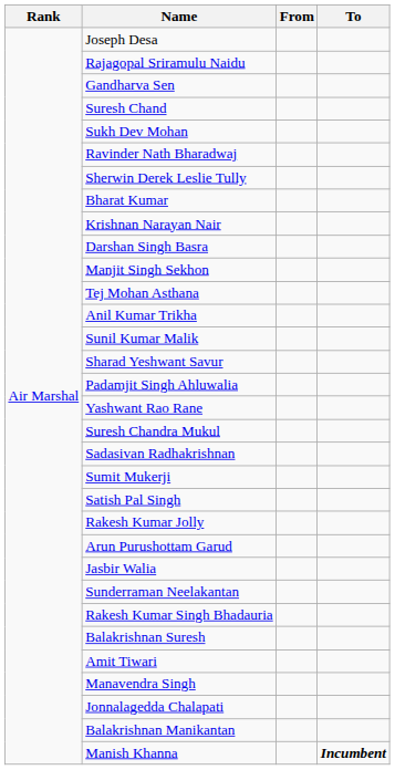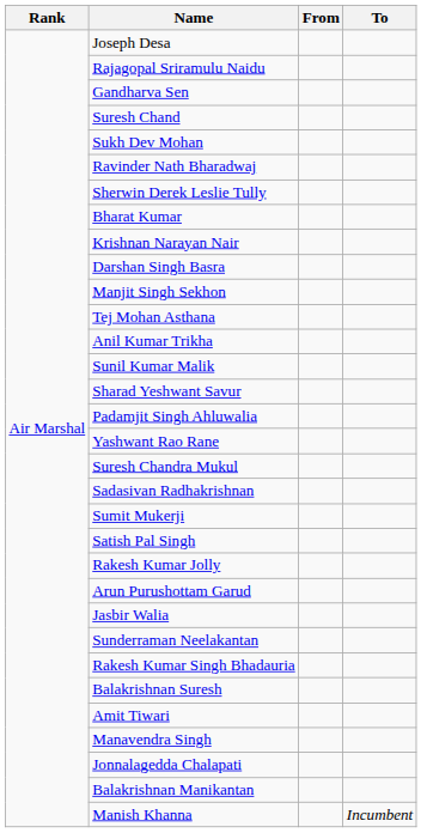 <table class="wikitable sortable">
 <tr>
 <th>Rank</th>
 <th>Name</th>
 <th>From</th>
 <th>To</th>
 </tr>
 <tr>
 <td rowspan="32"><a href='#'>Air Marshal</a></td>
 <td>Joseph Desa</td>
 <td></td>
 <td></td>
 </tr>
 <tr>
 <td><a href='#'>Rajagopal Sriramulu Naidu</a></td>
 <td></td>
 <td></td>
 </tr>
 <tr>
 <td><a href='#'>Gandharva Sen</a></td>
 <td></td>
 <td></td>
 </tr>
 <tr>
 <td><a href='#'>Suresh Chand</a></td>
 <td></td>
 <td></td>
 </tr>
 <tr>
 <td><a href='#'>Sukh Dev Mohan</a></td>
 <td></td>
 <td></td>
 </tr>
 <tr>
 <td><a href='#'>Ravinder Nath Bharadwaj</a></td>
 <td></td>
 <td></td>
 </tr>
 <tr>
 <td><a href='#'>Sherwin Derek Leslie Tully</a></td>
 <td></td>
 <td></td>
 </tr>
 <tr>
 <td><a href='#'>Bharat Kumar</a></td>
 <td></td>
 <td></td>
 </tr>
 <tr>
 <td><a href='#'>Krishnan Narayan Nair</a></td>
 <td></td>
 <td></td>
 </tr>
 <tr>
 <td><a href='#'>Darshan Singh Basra</a></td>
 <td></td>
 <td></td>
 </tr>
 <tr>
 <td><a href='#'>Manjit Singh Sekhon</a></td>
 <td></td>
 <td></td>
 </tr>
 <tr>
 <td><a href='#'>Tej Mohan Asthana</a></td>
 <td></td>
 <td></td>
 </tr>
 <tr>
 <td><a href='#'>Anil Kumar Trikha</a></td>
 <td></td>
 <td></td>
 </tr>
 <tr>
 <td><a href='#'>Sunil Kumar Malik</a></td>
 <td></td>
 <td></td>
 </tr>
 <tr>
 <td><a href='#'>Sharad Yeshwant Savur</a></td>
 <td></td>
 <td></td>
 </tr>
 <tr>
 <td><a href='#'>Padamjit Singh Ahluwalia</a></td>
 <td></td>
 <td></td>
 </tr>
 <tr>
 <td><a href='#'>Yashwant Rao Rane</a></td>
 <td></td>
 <td></td>
 </tr>
 <tr>
 <td><a href='#'>Suresh Chandra Mukul</a></td>
 <td></td>
 <td></td>
 </tr>
 <tr>
 <td><a href='#'>Sadasivan Radhakrishnan</a></td>
 <td></td>
 <td></td>
 </tr>
 <tr>
 <td><a href='#'>Sumit Mukerji</a></td>
 <td></td>
 <td></td>
 </tr>
 <tr>
 <td><a href='#'>Satish Pal Singh</a></td>
 <td></td>
 <td></td>
 </tr>
 <tr>
 <td><a href='#'>Rakesh Kumar Jolly</a></td>
 <td></td>
 <td></td>
 </tr>
 <tr>
 <td><a href='#'>Arun Purushottam Garud</a></td>
 <td></td>
 <td></td>
 </tr>
 <tr>
 <td><a href='#'>Jasbir Walia</a></td>
 <td></td>
 <td></td>
 </tr>
 <tr>
 <td><a href='#'>Sunderraman Neelakantan</a></td>
 <td></td>
 <td></td>
 </tr>
 <tr>
 <td><a href='#'>Rakesh Kumar Singh Bhadauria</a></td>
 <td></td>
 <td></td>
 </tr>
 <tr>
 <td><a href='#'>Balakrishnan Suresh</a></td>
 <td></td>
 <td></td>
 </tr>
 <tr>
 <td><a href='#'>Amit Tiwari</a></td>
 <td></td>
 <td></td>
 </tr>
 <tr>
 <td><a href='#'>Manavendra Singh</a></td>
 <td></td>
 <td></td>
 </tr>
 <tr>
 <td><a href='#'>Jonnalagedda Chalapati</a></td>
 <td></td>
 <td></td>
 </tr>
 <tr>
 <td><a href='#'>Balakrishnan Manikantan</a></td>
 <td></td>
 <td></td>
 </tr>
 <tr>
 <td><a href='#'>Manish Khanna</a></td>
 <td></td>
-<td><strong><em>Incumbent</em></strong></td>
+<td><em>Incumbent</em></td>
 </tr>
 </table>
